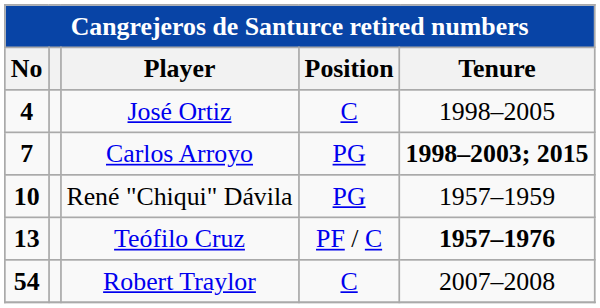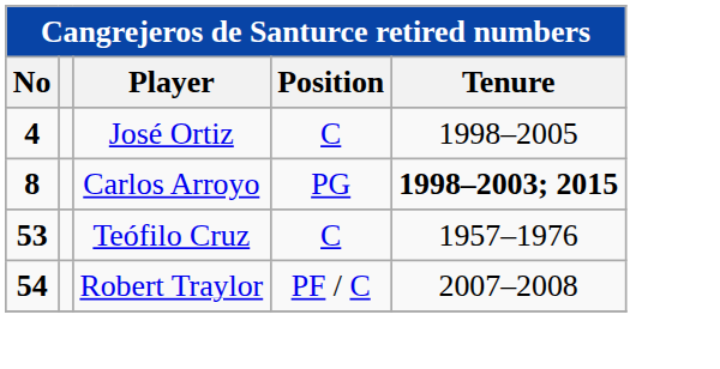 <table class="wikitable sortable" style="font-size: 95%; text-align:center;">
 <tr>
 <td colspan=5 style="background:#0844A6; color:white;"><strong>Cangrejeros de Santurce retired numbers</strong></td>
 </tr>
 <tr>
 <th>No</th>
 <th></th>
 <th>Player</th>
 <th>Position</th>
 <th>Tenure</th>
 </tr>
 <tr>
 <td><strong>4</strong></td>
 <td></td>
 <td><a href='#'>José Ortiz</a></td>
 <td><a href='#'>C</a></td>
 <td>1998–2005</td>
 </tr>
 <tr>
-<td><strong>7</strong></td>
+<td><strong>8</strong></td>
 <td></td>
 <td><a href='#'>Carlos Arroyo</a></td>
 <td><a href='#'>PG</a></td>
 <td><strong>1998–2003; 2015</strong></td>
 </tr>
 <tr>
-<td><strong>10</strong></td>
-<td></td>
-<td>René "Chiqui" Dávila</td>
-<td><a href='#'>PG</a></td>
-<td>1957–1959</td>
-</tr>
-<tr>
-<td><strong>13</strong></td>
+<td><strong>53</strong></td>
 <td></td>
 <td><a href='#'>Teófilo Cruz</a></td>
-<td><a href='#'>PF</a> / <a href='#'>C</a></td>
-<td><strong>1957–1976</strong></td>
+<td><a href='#'>C</a></td>
+<td>1957–1976</td>
 </tr>
 <tr>
 <td><strong>54</strong></td>
 <td></td>
 <td><a href='#'>Robert Traylor</a></td>
-<td><a href='#'>C</a></td>
+<td><a href='#'>PF</a> / <a href='#'>C</a></td>
 <td>2007–2008</td>
 </tr>
 <tr>
 </tr>
 </table>
